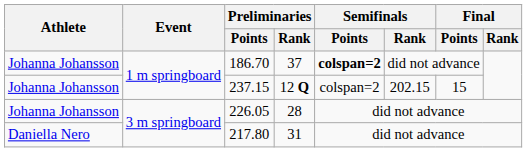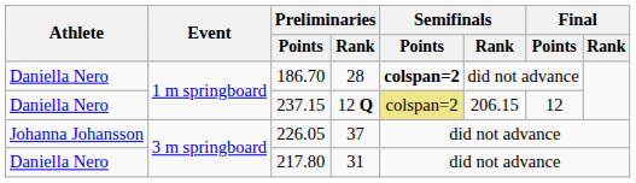 <table class=wikitable style="font-size:90%">
 <tr>
 <th rowspan="2">Athlete</th>
 <th rowspan="2">Event</th>
 <th colspan="2">Preliminaries</th>
 <th colspan="2">Semifinals</th>
 <th colspan="2">Final</th>
 </tr>
 <tr style="font-size:95%">
 <th>Points</th>
 <th>Rank</th>
 <th>Points</th>
 <th>Rank</th>
 <th>Points</th>
 <th>Rank</th>
 </tr>
 <tr align=center>
-<td align=left><a href='#'>Johanna Johansson</a></td>
+<td align=left><a href='#'>Daniella Nero</a></td>
 <td align=left rowspan=2><a href='#'>1 m springboard</a></td>
 <td>186.70</td>
-<td>37</td>
+<td>28</td>
 <td><strong>colspan=2 </strong></td>
 <td colspan=2>did not advance</td>
 </tr>
 <tr align=center>
-<td align=left><a href='#'>Johanna Johansson</a></td>
+<td align=left><a href='#'>Daniella Nero</a></td>
 <td>237.15</td>
 <td>12 <strong>Q</strong></td>
-<td>colspan=2 </td>
-<td>202.15</td>
-<td>15</td>
+<td style="background: khaki;">colspan=2 </td>
+<td>206.15</td>
+<td>12</td>
 </tr>
 <tr align=center>
 <td align=left><a href='#'>Johanna Johansson</a></td>
 <td align=left rowspan=2><a href='#'>3 m springboard</a></td>
 <td>226.05</td>
-<td>28</td>
+<td>37</td>
 <td colspan=4>did not advance</td>
 </tr>
 <tr align=center>
 <td align=left><a href='#'>Daniella Nero</a></td>
 <td>217.80</td>
 <td>31</td>
 <td colspan=4>did not advance</td>
 </tr>
 </table>
